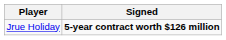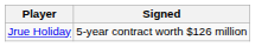 <table class="wikitable sortable sortable">
 <tr>
 <th>Player</th>
 <th>Signed</th>
 </tr>
 <tr style="text-align: center">
 <td><a href='#'>Jrue Holiday</a></td>
-<td><strong>5-year contract worth $126 million</strong></td>
+<td>5-year contract worth $126 million</td>
 </tr>
 </table>
